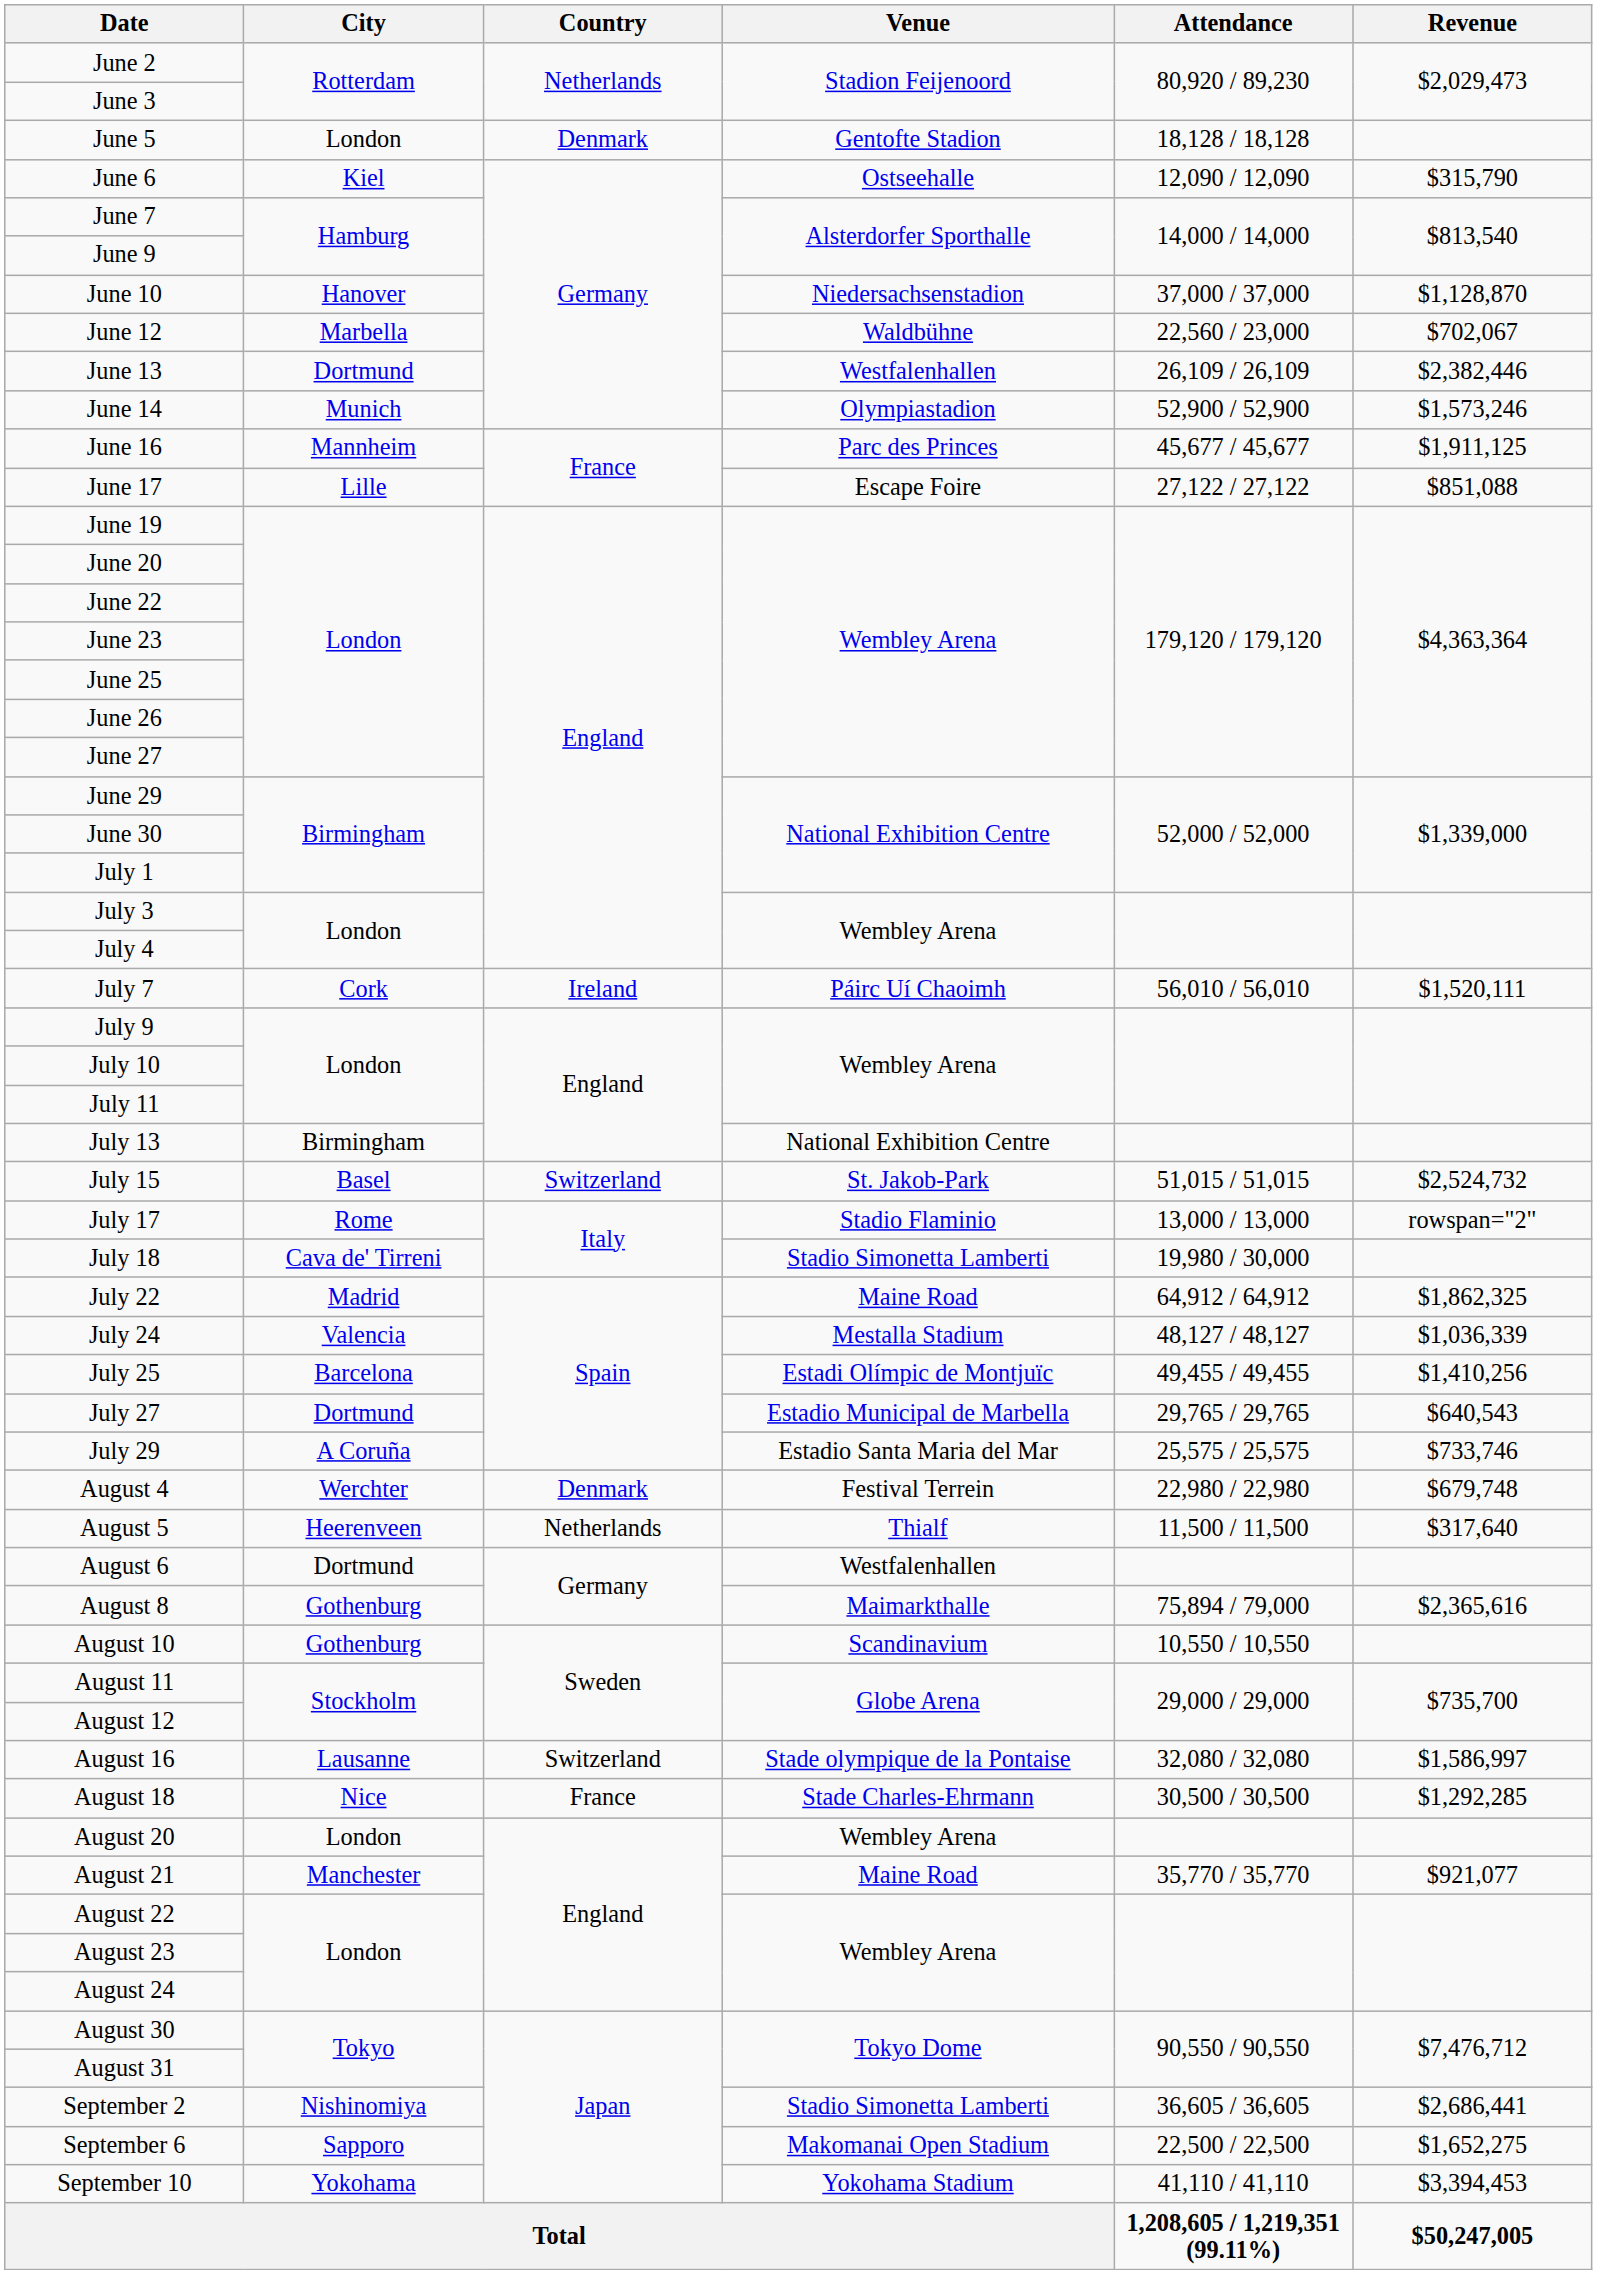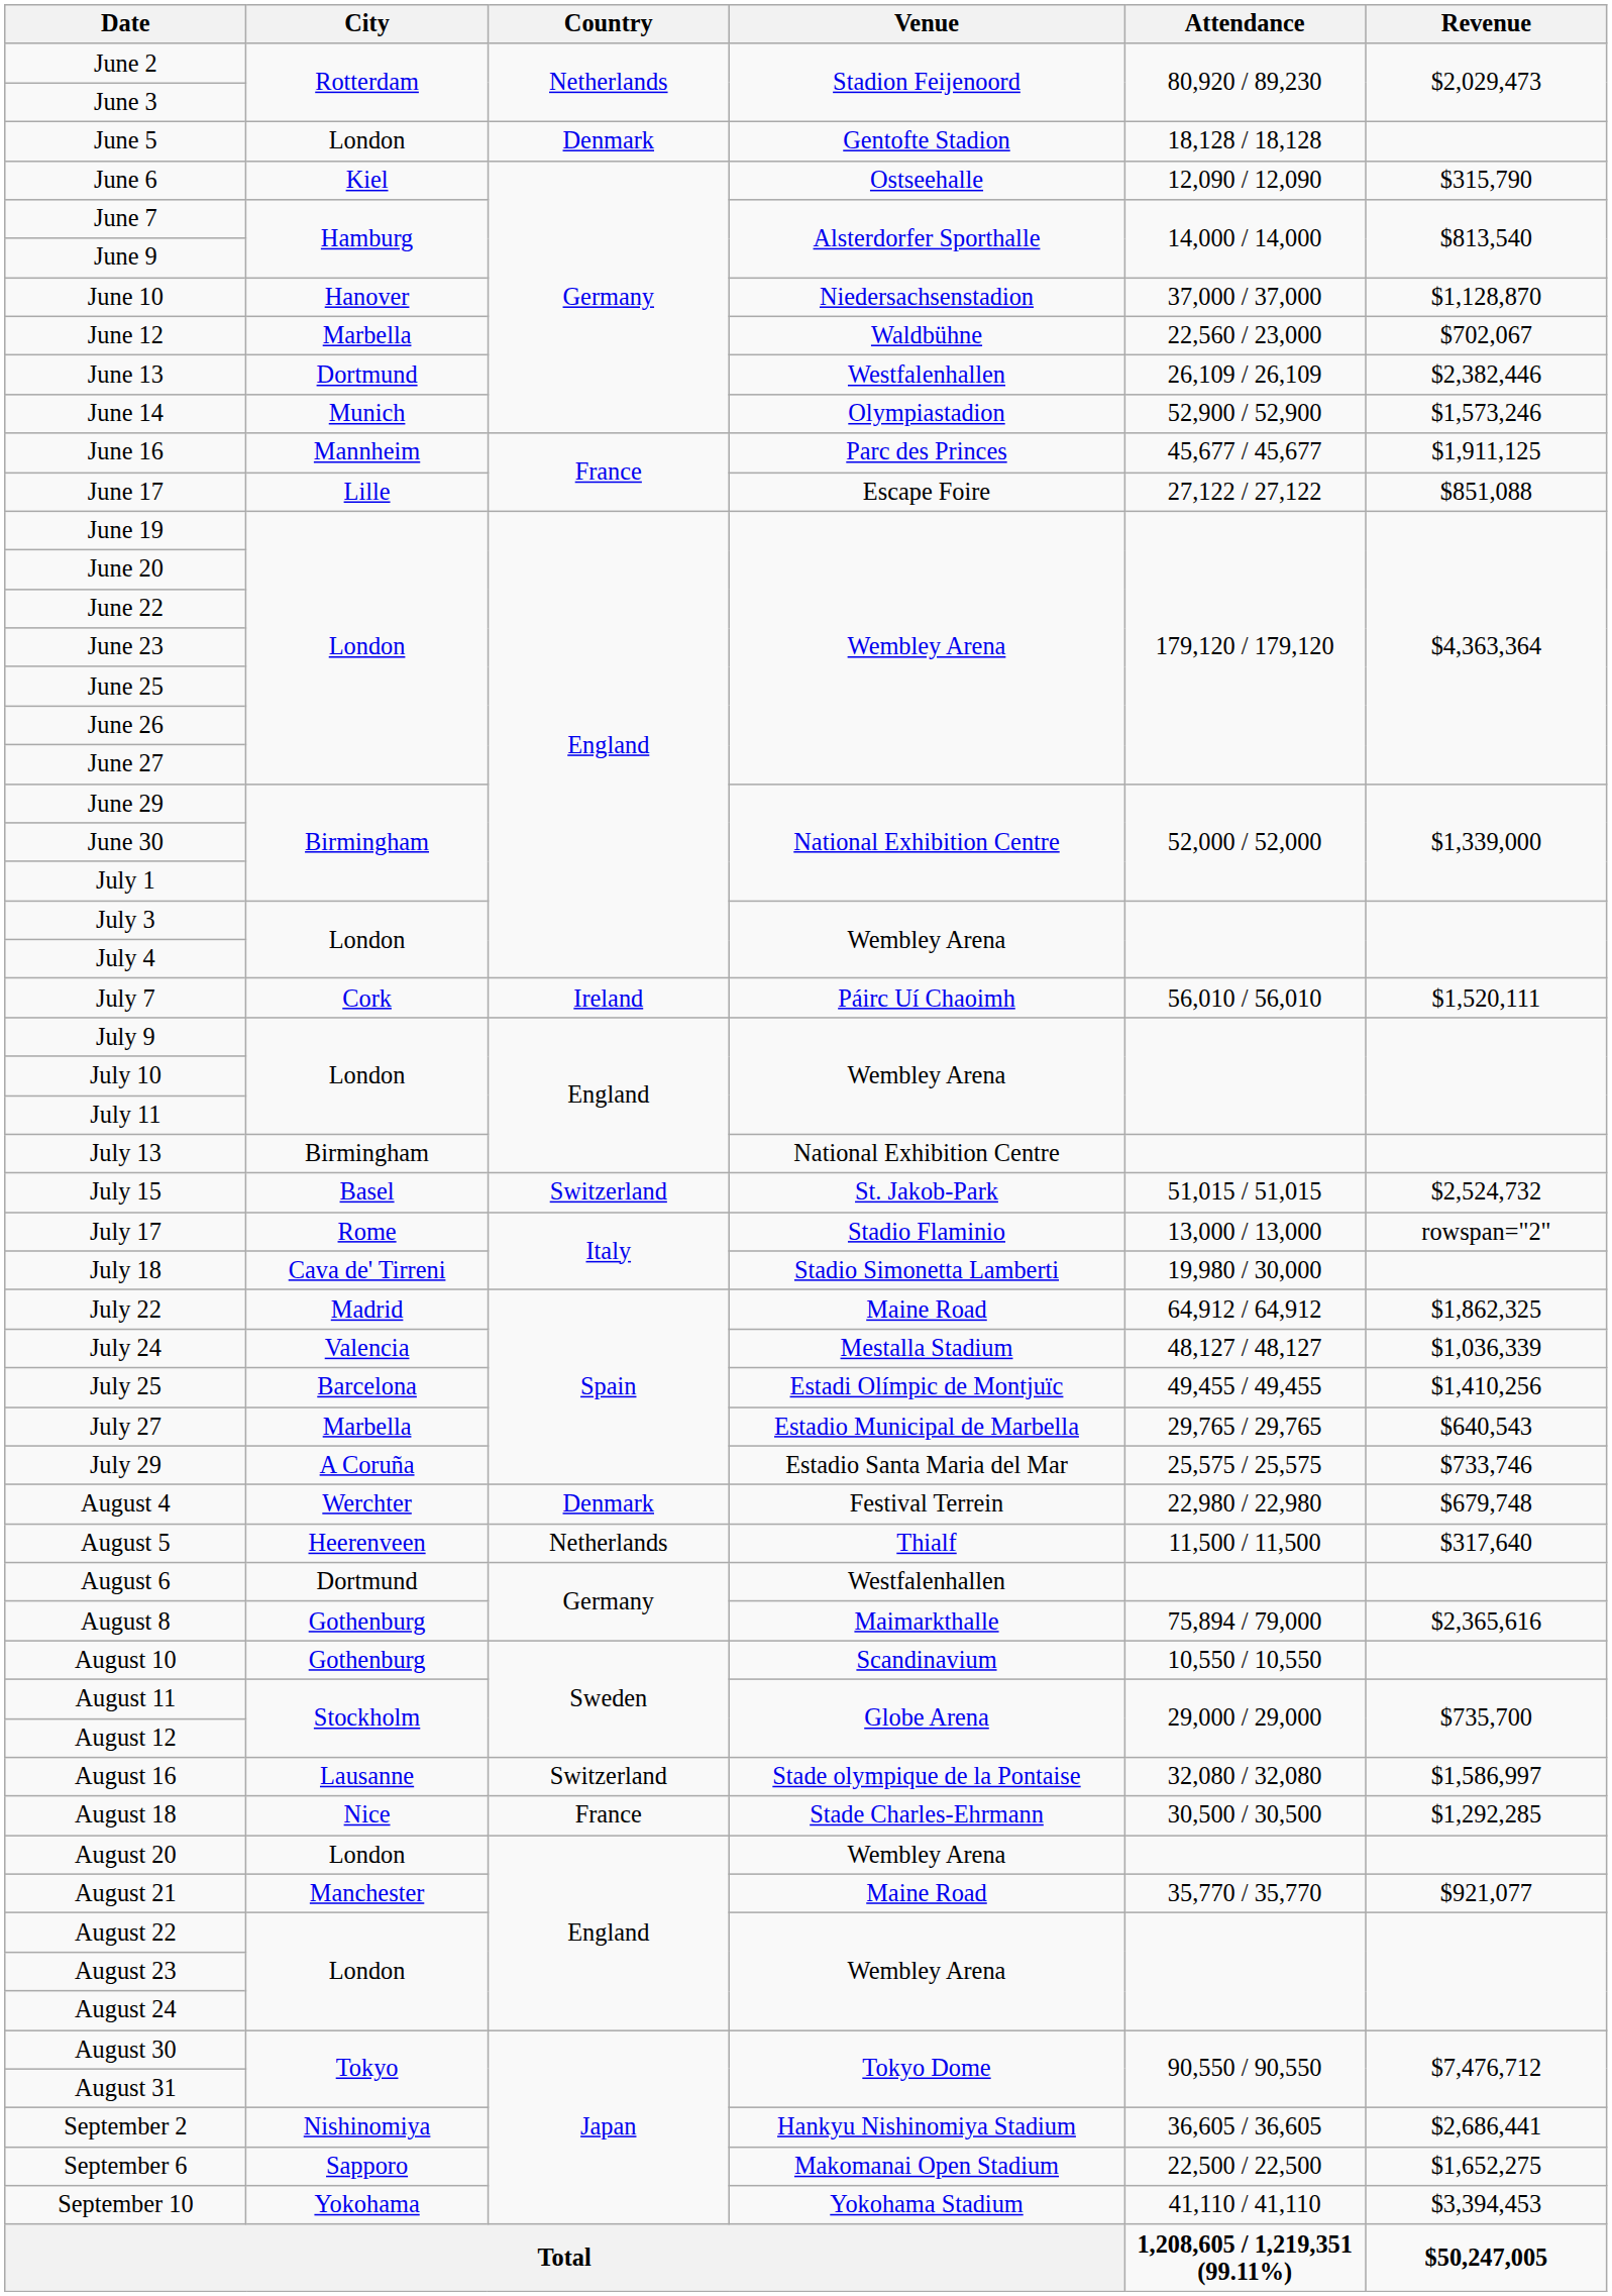 <table class="wikitable" style="text-align:center;">
 <tr>
 <th width="150">Date</th>
 <th width="150">City</th>
 <th width="150">Country</th>
 <th width="250">Venue</th>
 <th width="150">Attendance</th>
 <th width="150">Revenue</th>
 </tr>
 <tr>
 <td>June 2</td>
 <td rowspan="2"><a href='#'>Rotterdam</a></td>
 <td rowspan="2"><a href='#'>Netherlands</a></td>
 <td rowspan="2"><a href='#'>Stadion Feijenoord</a></td>
 <td rowspan="2">80,920 / 89,230</td>
 <td rowspan="2">$2,029,473</td>
 </tr>
 <tr>
 <td>June 3</td>
 </tr>
 <tr>
 <td>June 5</td>
 <td>London</td>
 <td><a href='#'>Denmark</a></td>
 <td><a href='#'>Gentofte Stadion</a></td>
 <td>18,128 / 18,128</td>
 <td></td>
 </tr>
 <tr>
 <td>June 6</td>
 <td><a href='#'>Kiel</a></td>
 <td rowspan="7"><a href='#'>Germany</a></td>
 <td><a href='#'>Ostseehalle</a></td>
 <td>12,090 / 12,090</td>
 <td>$315,790</td>
 </tr>
 <tr>
 <td>June 7</td>
 <td rowspan="2"><a href='#'>Hamburg</a></td>
 <td rowspan="2"><a href='#'>Alsterdorfer Sporthalle</a></td>
 <td rowspan="2">14,000 / 14,000</td>
 <td rowspan="2">$813,540</td>
 </tr>
 <tr>
 <td>June 9</td>
 </tr>
 <tr>
 <td>June 10</td>
 <td><a href='#'>Hanover</a></td>
 <td><a href='#'>Niedersachsenstadion</a></td>
 <td>37,000 / 37,000</td>
 <td>$1,128,870</td>
 </tr>
 <tr>
 <td>June 12</td>
 <td><a href='#'>Marbella</a></td>
 <td><a href='#'>Waldbühne</a></td>
 <td>22,560 / 23,000</td>
 <td>$702,067</td>
 </tr>
 <tr>
 <td>June 13</td>
 <td><a href='#'>Dortmund</a></td>
 <td><a href='#'>Westfalenhallen</a></td>
 <td>26,109 / 26,109</td>
 <td>$2,382,446</td>
 </tr>
 <tr>
 <td>June 14</td>
 <td><a href='#'>Munich</a></td>
 <td><a href='#'>Olympiastadion</a></td>
 <td>52,900 / 52,900</td>
 <td>$1,573,246</td>
 </tr>
 <tr>
 <td>June 16</td>
 <td><a href='#'>Mannheim</a></td>
 <td rowspan="2"><a href='#'>France</a></td>
 <td><a href='#'>Parc des Princes</a></td>
 <td>45,677 / 45,677</td>
 <td>$1,911,125</td>
 </tr>
 <tr>
 <td>June 17</td>
 <td><a href='#'>Lille</a></td>
 <td>Escape Foire</td>
 <td>27,122 / 27,122</td>
 <td>$851,088</td>
 </tr>
 <tr>
 <td>June 19</td>
 <td rowspan="7"><a href='#'>London</a></td>
 <td rowspan="12"><a href='#'>England</a></td>
 <td rowspan="7"><a href='#'>Wembley Arena</a></td>
 <td rowspan="7">179,120 / 179,120</td>
 <td rowspan="7">$4,363,364</td>
 </tr>
 <tr>
 <td>June 20</td>
 </tr>
 <tr>
 <td>June 22</td>
 </tr>
 <tr>
 <td>June 23</td>
 </tr>
 <tr>
 <td>June 25</td>
 </tr>
 <tr>
 <td>June 26</td>
 </tr>
 <tr>
 <td>June 27</td>
 </tr>
 <tr>
 <td>June 29</td>
 <td rowspan="3"><a href='#'>Birmingham</a></td>
 <td rowspan="3"><a href='#'>National Exhibition Centre</a></td>
 <td rowspan="3">52,000 / 52,000</td>
 <td rowspan="3">$1,339,000</td>
 </tr>
 <tr>
 <td>June 30</td>
 </tr>
 <tr>
 <td>July 1</td>
 </tr>
 <tr>
 <td>July 3</td>
 <td rowspan="2">London</td>
 <td rowspan="2">Wembley Arena</td>
 <td rowspan="2"></td>
 <td rowspan="2"></td>
 </tr>
 <tr>
 <td>July 4</td>
 </tr>
 <tr>
 <td>July 7</td>
 <td><a href='#'>Cork</a></td>
 <td><a href='#'>Ireland</a></td>
 <td><a href='#'>Páirc Uí Chaoimh</a></td>
 <td>56,010 / 56,010</td>
 <td>$1,520,111</td>
 </tr>
 <tr>
 <td>July 9</td>
 <td rowspan="3">London</td>
 <td rowspan="4">England</td>
 <td rowspan="3">Wembley Arena</td>
 <td rowspan="3"></td>
 <td rowspan="3"></td>
 </tr>
 <tr>
 <td>July 10</td>
 </tr>
 <tr>
 <td>July 11</td>
 </tr>
 <tr>
 <td>July 13</td>
 <td>Birmingham</td>
 <td>National Exhibition Centre</td>
 <td></td>
 <td></td>
 </tr>
 <tr>
 <td>July 15</td>
 <td><a href='#'>Basel</a></td>
 <td><a href='#'>Switzerland</a></td>
 <td><a href='#'>St. Jakob-Park</a></td>
 <td>51,015 / 51,015</td>
 <td>$2,524,732</td>
 </tr>
 <tr>
 <td>July 17</td>
 <td><a href='#'>Rome</a></td>
 <td rowspan="2"><a href='#'>Italy</a></td>
 <td><a href='#'>Stadio Flaminio</a></td>
 <td>13,000 / 13,000</td>
 <td>rowspan="2"</td>
 </tr>
 <tr>
 <td>July 18</td>
 <td><a href='#'>Cava de' Tirreni</a></td>
 <td><a href='#'>Stadio Simonetta Lamberti</a></td>
 <td>19,980 / 30,000</td>
 </tr>
 <tr>
 <td>July 22</td>
 <td><a href='#'>Madrid</a></td>
 <td rowspan="5"><a href='#'>Spain</a></td>
 <td><a href='#'>Maine Road</a></td>
 <td>64,912 / 64,912</td>
 <td>$1,862,325</td>
 </tr>
 <tr>
 <td>July 24</td>
 <td><a href='#'>Valencia</a></td>
 <td><a href='#'>Mestalla Stadium</a></td>
 <td>48,127 / 48,127</td>
 <td>$1,036,339</td>
 </tr>
 <tr>
 <td>July 25</td>
 <td><a href='#'>Barcelona</a></td>
 <td><a href='#'>Estadi Olímpic de Montjuïc</a></td>
 <td>49,455 / 49,455</td>
 <td>$1,410,256</td>
 </tr>
 <tr>
 <td>July 27</td>
-<td><a href='#'>Dortmund</a></td>
+<td><a href='#'>Marbella</a></td>
 <td><a href='#'>Estadio Municipal de Marbella</a></td>
 <td>29,765 / 29,765</td>
 <td>$640,543</td>
 </tr>
 <tr>
 <td>July 29</td>
 <td><a href='#'>A Coruña</a></td>
 <td>Estadio Santa Maria del Mar</td>
 <td>25,575 / 25,575</td>
 <td>$733,746</td>
 </tr>
 <tr>
 <td>August 4</td>
 <td><a href='#'>Werchter</a></td>
 <td><a href='#'>Denmark</a></td>
 <td>Festival Terrein</td>
 <td>22,980 / 22,980</td>
 <td>$679,748</td>
 </tr>
 <tr>
 <td>August 5</td>
 <td><a href='#'>Heerenveen</a></td>
 <td>Netherlands</td>
 <td><a href='#'>Thialf</a></td>
 <td>11,500 / 11,500</td>
 <td>$317,640</td>
 </tr>
 <tr>
 <td>August 6</td>
 <td>Dortmund</td>
 <td rowspan="2">Germany</td>
 <td>Westfalenhallen</td>
 <td></td>
 <td></td>
 </tr>
 <tr>
 <td>August 8</td>
 <td><a href='#'>Gothenburg</a></td>
 <td><a href='#'>Maimarkthalle</a></td>
 <td>75,894 / 79,000</td>
 <td>$2,365,616</td>
 </tr>
 <tr>
 <td>August 10</td>
 <td><a href='#'>Gothenburg</a></td>
 <td rowspan="3">Sweden</td>
 <td><a href='#'>Scandinavium</a></td>
 <td>10,550 / 10,550</td>
 <td></td>
 </tr>
 <tr>
 <td>August 11</td>
 <td rowspan="2"><a href='#'>Stockholm</a></td>
 <td rowspan="2"><a href='#'>Globe Arena</a></td>
 <td rowspan="2">29,000 / 29,000</td>
 <td rowspan="2">$735,700</td>
 </tr>
 <tr>
 <td>August 12</td>
 </tr>
 <tr>
 <td>August 16</td>
 <td><a href='#'>Lausanne</a></td>
 <td>Switzerland</td>
 <td><a href='#'>Stade olympique de la Pontaise</a></td>
 <td>32,080 / 32,080</td>
 <td>$1,586,997</td>
 </tr>
 <tr>
 <td>August 18</td>
 <td><a href='#'>Nice</a></td>
 <td>France</td>
 <td><a href='#'>Stade Charles-Ehrmann</a></td>
 <td>30,500 / 30,500</td>
 <td>$1,292,285</td>
 </tr>
 <tr>
 <td>August 20</td>
 <td>London</td>
 <td rowspan="5">England</td>
 <td>Wembley Arena</td>
 <td></td>
 <td></td>
 </tr>
 <tr>
 <td>August 21</td>
 <td><a href='#'>Manchester</a></td>
 <td><a href='#'>Maine Road</a></td>
 <td>35,770 / 35,770</td>
 <td>$921,077</td>
 </tr>
 <tr>
 <td>August 22</td>
 <td rowspan="3">London</td>
 <td rowspan="3">Wembley Arena</td>
 <td rowspan="3"></td>
 <td rowspan="3"></td>
 </tr>
 <tr>
 <td>August 23</td>
 </tr>
 <tr>
 <td>August 24</td>
 </tr>
 <tr>
 <td>August 30</td>
 <td rowspan="2"><a href='#'>Tokyo</a></td>
 <td rowspan="5"><a href='#'>Japan</a></td>
 <td rowspan="2"><a href='#'>Tokyo Dome</a></td>
 <td rowspan="2">90,550 / 90,550</td>
 <td rowspan="2">$7,476,712</td>
 </tr>
 <tr>
 <td>August 31</td>
 </tr>
 <tr>
 <td>September 2</td>
 <td><a href='#'>Nishinomiya</a></td>
-<td><a href='#'>Stadio Simonetta Lamberti</a></td>
+<td><a href='#'>Hankyu Nishinomiya Stadium</a></td>
 <td>36,605 / 36,605</td>
 <td>$2,686,441</td>
 </tr>
 <tr>
 <td>September 6</td>
 <td><a href='#'>Sapporo</a></td>
 <td><a href='#'>Makomanai Open Stadium</a></td>
 <td>22,500 / 22,500</td>
 <td>$1,652,275</td>
 </tr>
 <tr>
 <td>September 10</td>
 <td><a href='#'>Yokohama</a></td>
 <td><a href='#'>Yokohama Stadium</a></td>
 <td>41,110 / 41,110</td>
 <td>$3,394,453</td>
 </tr>
 <tr>
 <th colspan="4">Total</th>
 <td><strong>1,208,605 / 1,219,351 (99.11%)</strong></td>
 <td><strong>$50,247,005</strong></td>
 </tr>
 </table>
